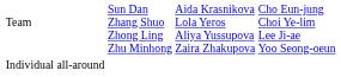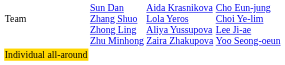 <table>
 <tr>
 <td>Team<br></td>
 <td><br><a href='#'>Sun Dan</a><br><a href='#'>Zhang Shuo</a><br><a href='#'>Zhong Ling</a><br><a href='#'>Zhu Minhong</a></td>
 <td><br><a href='#'>Aida Krasnikova</a><br><a href='#'>Lola Yeros</a><br><a href='#'>Aliya Yussupova</a><br><a href='#'>Zaira Zhakupova</a></td>
 <td><br><a href='#'>Cho Eun-jung</a><br><a href='#'>Choi Ye-lim</a><br><a href='#'>Lee Ji-ae</a><br><a href='#'>Yoo Seong-oeun</a></td>
 </tr>
 <tr>
-<td>Individual all-around<br></td>
+<td style="background: gold;">Individual all-around<br></td>
 <td></td>
 <td></td>
 <td></td>
 </tr>
 </table>
